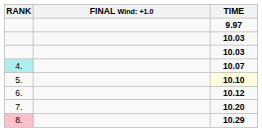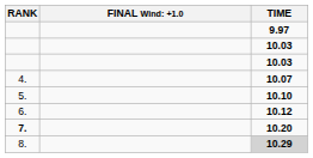 <table class="wikitable" style="border-collapse: collapse; font-size: 90%;">
 <tr>
 <th>RANK</th>
 <th style="width: 20em">FINAL <small>Wind: +1.0</small></th>
 <th style="width: 5em">TIME</th>
 </tr>
 <tr>
 <td align="center"></td>
 <td></td>
 <td align="center"><strong>9.97</strong></td>
 </tr>
 <tr>
 <td align="center"></td>
 <td></td>
 <td align="center"><strong>10.03</strong></td>
 </tr>
 <tr>
 <td align="center"></td>
 <td></td>
 <td align="center"><strong>10.03</strong></td>
 </tr>
 <tr>
-<td align="center" style="background: paleturquoise;">4.</td>
+<td align="center">4.</td>
 <td></td>
 <td align="center"><strong>10.07</strong></td>
 </tr>
 <tr>
 <td align="center">5.</td>
 <td></td>
-<td align="center" style="background: lightyellow;"><strong>10.10</strong></td>
+<td align="center"><strong>10.10</strong></td>
 </tr>
 <tr>
 <td align="center">6.</td>
 <td></td>
 <td align="center"><strong>10.12</strong></td>
 </tr>
 <tr>
-<td align="center">7.</td>
+<td align="center"><strong>7.</strong></td>
 <td></td>
 <td align="center"><strong>10.20</strong></td>
 </tr>
 <tr>
-<td align="center" style="background: pink;">8.</td>
+<td align="center">8.</td>
 <td></td>
-<td align="center"><strong>10.29</strong></td>
+<td align="center" style="background: lightgrey;"><strong>10.29</strong></td>
 </tr>
 </table>
